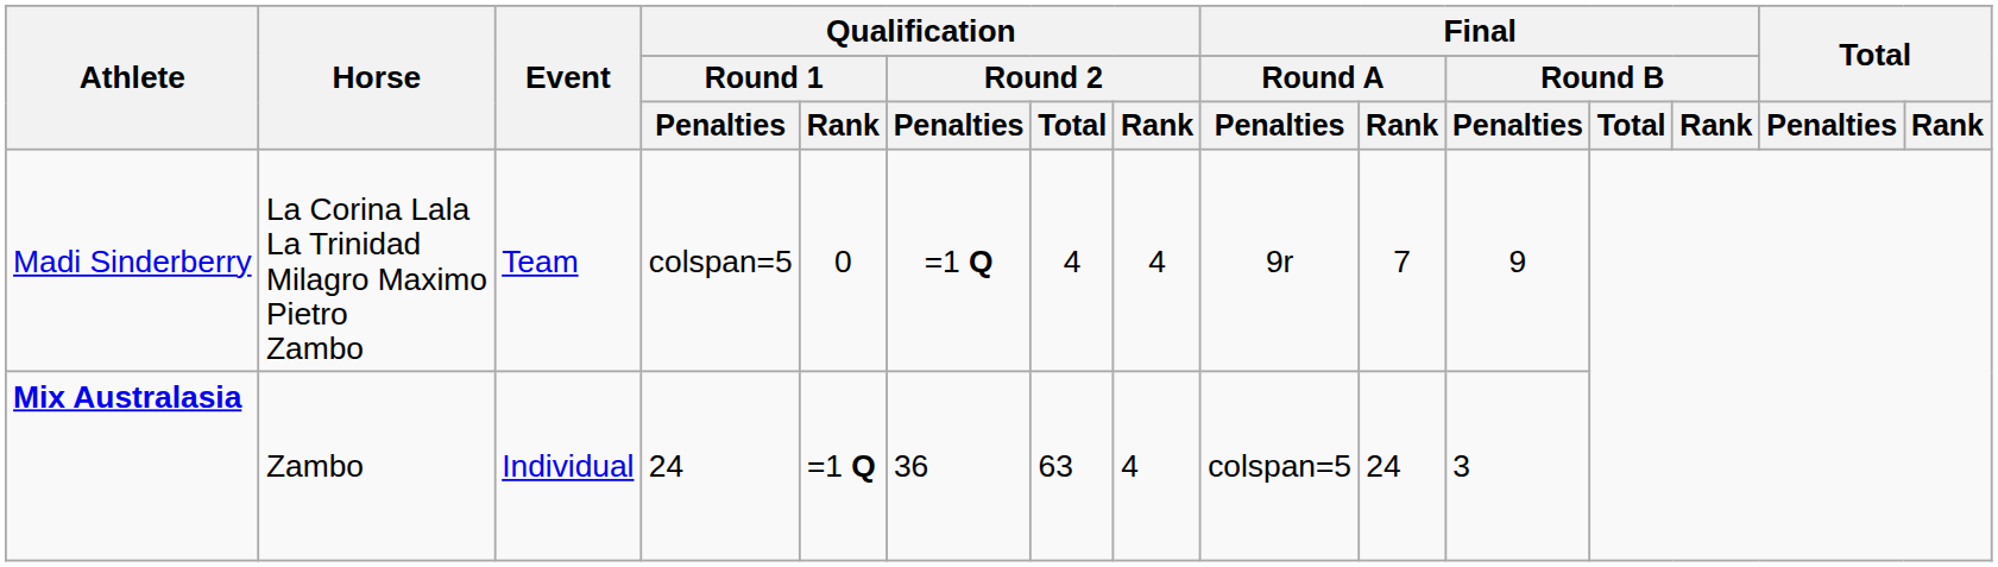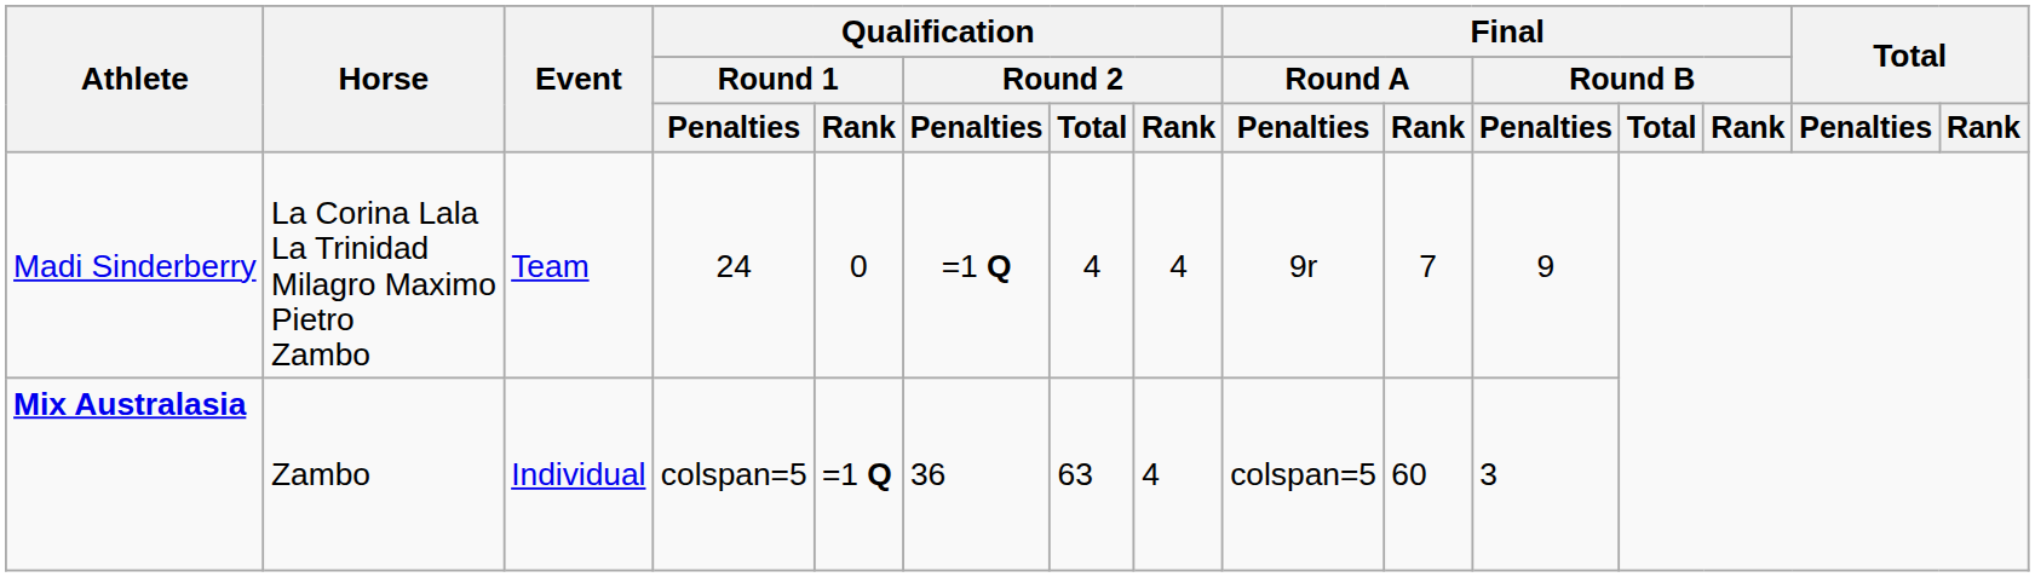 <table class="wikitable" style="font-size:90%">
 <tr>
 <th rowspan="3">Athlete</th>
 <th rowspan="3">Horse</th>
 <th rowspan="3">Event</th>
 <th colspan="5">Qualification</th>
 <th colspan="5">Final</th>
 <th rowspan=2 colspan="2">Total</th>
 </tr>
 <tr style="font-size:95%">
 <th colspan="2">Round 1</th>
 <th colspan="3">Round 2</th>
 <th colspan="2">Round A</th>
 <th colspan="3">Round B</th>
 </tr>
 <tr style="font-size:95%">
 <th>Penalties</th>
 <th>Rank</th>
 <th>Penalties</th>
 <th>Total</th>
 <th>Rank</th>
 <th>Penalties</th>
 <th>Rank</th>
 <th>Penalties</th>
 <th>Total</th>
 <th>Rank</th>
 <th>Penalties</th>
 <th>Rank</th>
 </tr>
 <tr align=center>
 <td align=left><a href='#'>Madi Sinderberry</a></td>
 <td align=left><br>La Corina Lala<br>La Trinidad<br>Milagro Maximo<br>Pietro<br>Zambo</td>
 <td align=left><a href='#'>Team</a></td>
-<td>colspan=5 </td>
+<td>24</td>
 <td>0</td>
 <td>=1 <strong>Q</strong></td>
 <td>4</td>
 <td>4</td>
 <td>9r</td>
 <td>7</td>
 <td>9</td>
 </tr>
 <tr align=left>
 <td rowspan=5><strong><a href='#'>Mix Australasia</a></strong><br><br><br><br><br></td>
 <td align=left>Zambo</td>
 <td align=left rowspan=1><a href='#'>Individual</a></td>
-<td>24</td>
+<td>colspan=5 </td>
 <td>=1 <strong>Q</strong></td>
 <td>36</td>
 <td>63</td>
 <td>4</td>
 <td>colspan=5 </td>
-<td>24</td>
+<td>60</td>
 <td>3</td>
 </tr>
 </table>
